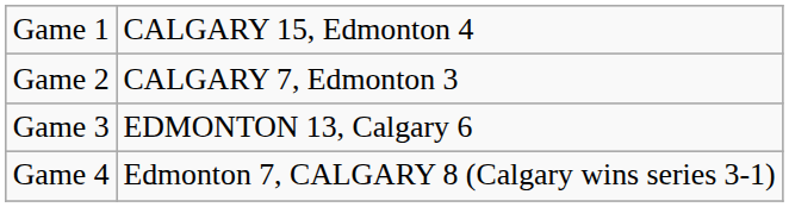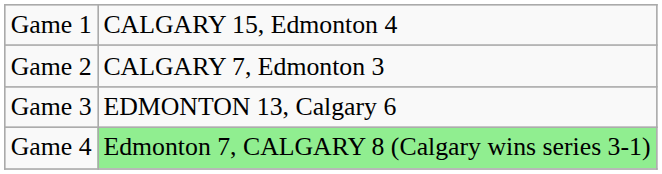 <table class="wikitable">
 <tr>
 <td>Game 1</td>
 <td>CALGARY 15, Edmonton 4</td>
 </tr>
 <tr>
 <td>Game 2</td>
 <td>CALGARY 7, Edmonton 3</td>
 </tr>
 <tr>
 <td>Game 3</td>
 <td>EDMONTON 13, Calgary 6</td>
 </tr>
 <tr>
 <td>Game 4</td>
-<td>Edmonton 7, CALGARY 8 (Calgary wins series 3-1)</td>
+<td style="background: lightgreen;">Edmonton 7, CALGARY 8 (Calgary wins series 3-1)</td>
 </tr>
 </table>
